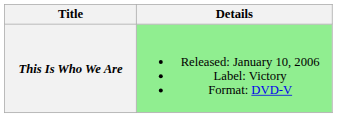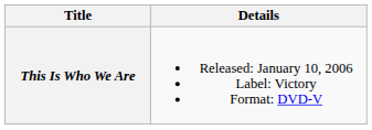 <table class="wikitable plainrowheaders" style="text-align:center;">
 <tr>
 <th rowspan="1" style="width:10em;">Title</th>
 <th rowspan="1" style="width:15em;">Details</th>
 </tr>
 <tr>
 <th scope="row"><em>This Is Who We Are</em></th>
-<td style="background: lightgreen;"><br><ul><li>Released: January 10, 2006</li><li>Label: Victory</li><li>Format: <a href='#'>DVD-V</a></li></ul></td>
+<td><br><ul><li>Released: January 10, 2006</li><li>Label: Victory</li><li>Format: <a href='#'>DVD-V</a></li></ul></td>
 </tr>
 </table>
